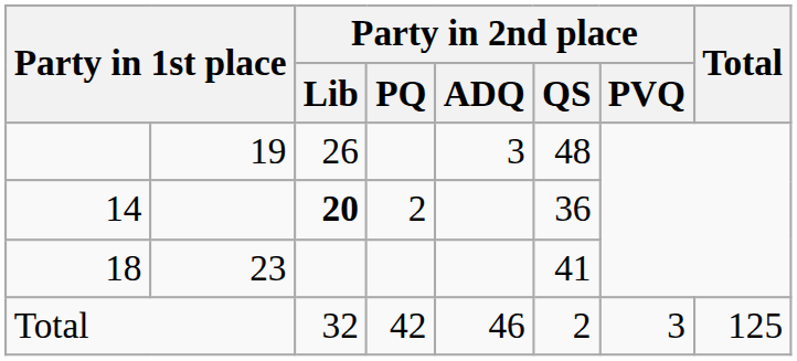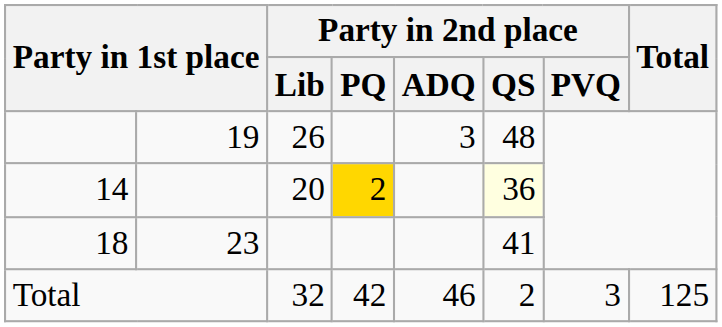 <table class="wikitable" style="text-align:right;">
 <tr>
 <th rowspan="2" colspan="2" style="text-align:left;">Party in 1st place</th>
 <th colspan="5">Party in 2nd place</th>
 <th rowspan="2">Total</th>
 </tr>
 <tr>
 <th>Lib</th>
 <th>PQ</th>
 <th>ADQ</th>
 <th>QS</th>
 <th>PVQ</th>
 </tr>
 <tr>
 <td></td>
 <td>19</td>
 <td>26</td>
 <td></td>
 <td>3</td>
 <td>48</td>
 </tr>
 <tr>
 <td>14</td>
 <td></td>
-<td><strong>20</strong></td>
-<td>2</td>
+<td>20</td>
+<td style="background: gold;">2</td>
 <td></td>
-<td>36</td>
+<td style="background: lightyellow;">36</td>
 </tr>
 <tr>
 <td>18</td>
 <td>23</td>
 <td></td>
 <td></td>
 <td></td>
 <td>41</td>
 </tr>
 <tr>
 <td colspan="2" style="text-align:left;">Total</td>
 <td>32</td>
 <td>42</td>
 <td>46</td>
 <td>2</td>
 <td>3</td>
 <td>125</td>
 </tr>
 </table>
